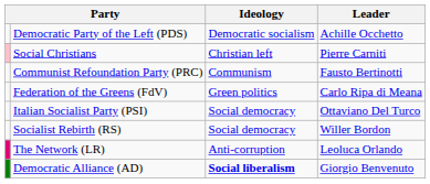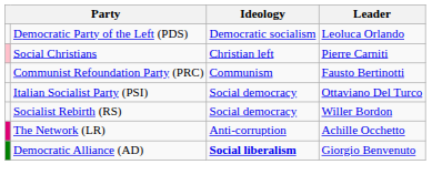 <table class=wikitable style=text-align:left>
 <tr>
 <th colspan=2>Party</th>
 <th>Ideology</th>
 <th>Leader</th>
 </tr>
 <tr>
 <td></td>
 <td><a href='#'>Democratic Party of the Left</a> (PDS)</td>
 <td><a href='#'>Democratic socialism</a></td>
-<td><a href='#'>Achille Occhetto</a></td>
+<td><a href='#'>Leoluca Orlando</a></td>
 </tr>
 <tr>
 <td bgcolor="pink"></td>
 <td><a href='#'>Social Christians</a></td>
 <td><a href='#'>Christian left</a></td>
 <td><a href='#'>Pierre Carniti</a></td>
 </tr>
 <tr>
 <td></td>
 <td><a href='#'>Communist Refoundation Party</a> (PRC)</td>
 <td><a href='#'>Communism</a></td>
 <td><a href='#'>Fausto Bertinotti</a></td>
-</tr>
-<tr>
-<td></td>
-<td><a href='#'>Federation of the Greens</a> (FdV)</td>
-<td><a href='#'>Green politics</a></td>
-<td><a href='#'>Carlo Ripa di Meana</a></td>
 </tr>
 <tr>
 <td></td>
 <td><a href='#'>Italian Socialist Party</a> (PSI)</td>
 <td><a href='#'>Social democracy</a></td>
 <td><a href='#'>Ottaviano Del Turco</a></td>
 </tr>
 <tr>
 <td></td>
 <td><a href='#'>Socialist Rebirth</a> (RS)</td>
 <td><a href='#'>Social democracy</a></td>
 <td><a href='#'>Willer Bordon</a></td>
 </tr>
 <tr>
 <td bgcolor="#DF0174"></td>
 <td><a href='#'>The Network</a> (LR)</td>
 <td><a href='#'>Anti-corruption</a></td>
-<td><a href='#'>Leoluca Orlando</a></td>
+<td><a href='#'>Achille Occhetto</a></td>
 </tr>
 <tr>
 <td bgcolor="green"></td>
 <td><a href='#'>Democratic Alliance</a> (AD)</td>
 <td><strong><a href='#'>Social liberalism</a></strong></td>
 <td><a href='#'>Giorgio Benvenuto</a></td>
 </tr>
 </table>
